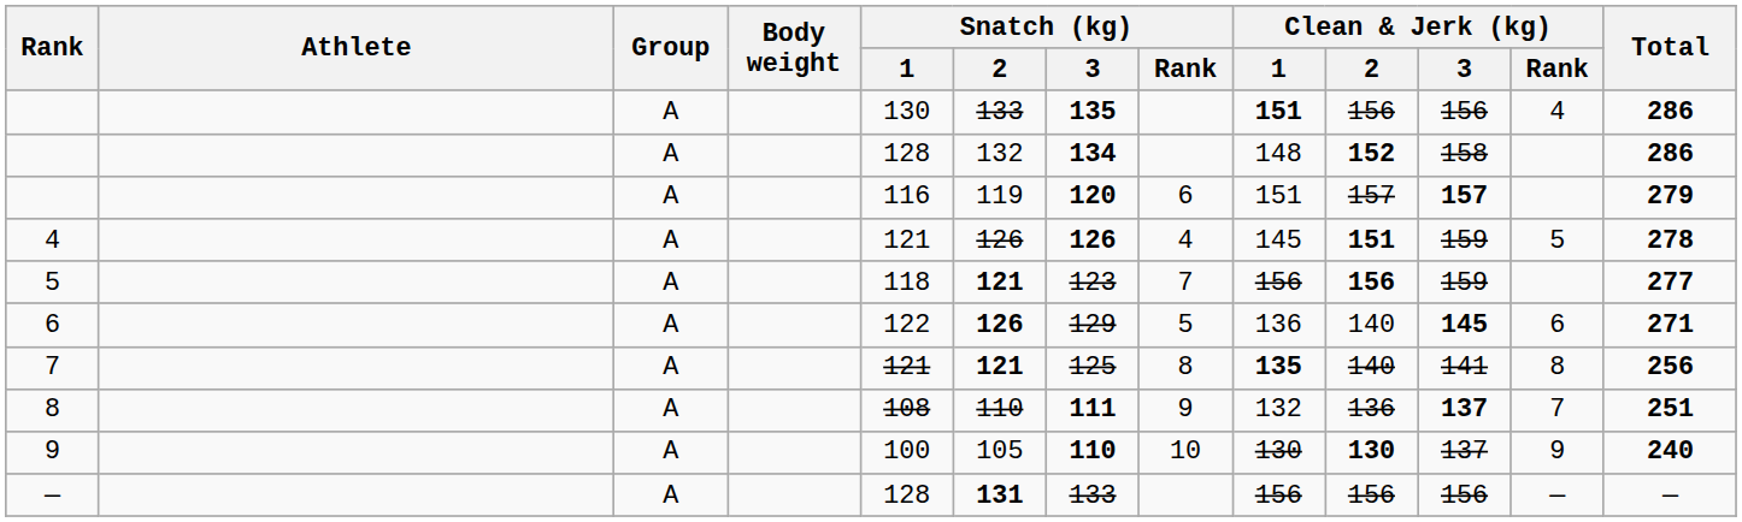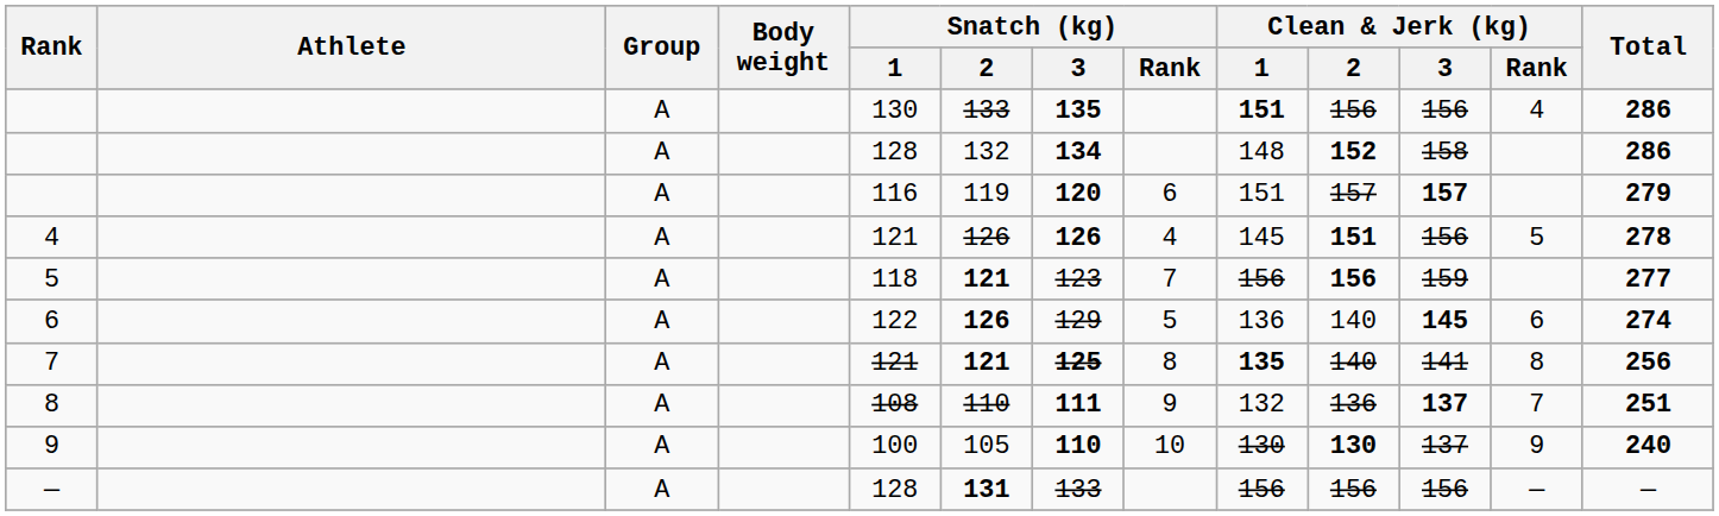 <table class = "wikitable" style="text-align:center;">
 <tr>
 <th rowspan=2 width=40>Rank</th>
 <th rowspan=2 width=250>Athlete</th>
 <th rowspan=2 width=50>Group</th>
 <th rowspan=2 width=60>Body weight</th>
 <th colspan=4>Snatch (kg)</th>
 <th colspan=4>Clean & Jerk (kg)</th>
 <th rowspan=2 width=60>Total</th>
 </tr>
 <tr>
 <th width=40>1</th>
 <th width=40>2</th>
 <th width=40>3</th>
 <th width=40>Rank</th>
 <th width=40>1</th>
 <th width=40>2</th>
 <th width=40>3</th>
 <th width=40>Rank</th>
 </tr>
 <tr>
 <td></td>
 <td align=left></td>
 <td>A</td>
 <td></td>
 <td>130</td>
 <td><s>133</s></td>
 <td><strong>135</strong></td>
 <td></td>
 <td><strong>151</strong></td>
 <td><s>156</s></td>
 <td><s>156</s></td>
 <td>4</td>
 <td><strong>286</strong></td>
 </tr>
 <tr>
 <td></td>
 <td align=left></td>
 <td>A</td>
 <td></td>
 <td>128</td>
 <td>132</td>
 <td><strong>134</strong></td>
 <td></td>
 <td>148</td>
 <td><strong>152</strong></td>
 <td><s>158</s></td>
 <td></td>
 <td><strong>286</strong></td>
 </tr>
 <tr>
 <td></td>
 <td align=left></td>
 <td>A</td>
 <td></td>
 <td>116</td>
 <td>119</td>
 <td><strong>120</strong></td>
 <td>6</td>
 <td>151</td>
 <td><s>157</s></td>
 <td><strong>157</strong></td>
 <td></td>
 <td><strong>279</strong></td>
 </tr>
 <tr>
 <td>4</td>
 <td align=left></td>
 <td>A</td>
 <td></td>
 <td>121</td>
 <td><s>126</s></td>
 <td><strong>126</strong></td>
 <td>4</td>
 <td>145</td>
 <td><strong>151</strong></td>
-<td><s>159</s></td>
+<td><s>156</s></td>
 <td>5</td>
 <td><strong>278</strong></td>
 </tr>
 <tr>
 <td>5</td>
 <td align=left></td>
 <td>A</td>
 <td></td>
 <td>118</td>
 <td><strong>121</strong></td>
 <td><s>123</s></td>
 <td>7</td>
 <td><s>156</s></td>
 <td><strong>156</strong></td>
 <td><s>159</s></td>
 <td></td>
 <td><strong>277</strong></td>
 </tr>
 <tr>
 <td>6</td>
 <td align=left></td>
 <td>A</td>
 <td></td>
 <td>122</td>
 <td><strong>126</strong></td>
 <td><s>129</s></td>
 <td>5</td>
 <td>136</td>
 <td>140</td>
 <td><strong>145</strong></td>
 <td>6</td>
-<td><strong>271</strong></td>
+<td><strong>274</strong></td>
 </tr>
 <tr>
 <td>7</td>
 <td align=left></td>
 <td>A</td>
 <td></td>
 <td><s>121</s></td>
 <td><strong>121</strong></td>
-<td><s>125</s></td>
+<td><strong><s>125</s></strong></td>
 <td>8</td>
 <td><strong>135</strong></td>
 <td><s>140</s></td>
 <td><s>141</s></td>
 <td>8</td>
 <td><strong>256</strong></td>
 </tr>
 <tr>
 <td>8</td>
 <td align=left></td>
 <td>A</td>
 <td></td>
 <td><s>108</s></td>
 <td><s>110</s></td>
 <td><strong>111</strong></td>
 <td>9</td>
 <td>132</td>
 <td><s>136</s></td>
 <td><strong>137</strong></td>
 <td>7</td>
 <td><strong>251</strong></td>
 </tr>
 <tr>
 <td>9</td>
 <td align=left></td>
 <td>A</td>
 <td></td>
 <td>100</td>
 <td>105</td>
 <td><strong>110</strong></td>
 <td>10</td>
 <td><s>130</s></td>
 <td><strong>130</strong></td>
 <td><s>137</s></td>
 <td>9</td>
 <td><strong>240</strong></td>
 </tr>
 <tr>
 <td>—</td>
 <td align=left></td>
 <td>A</td>
 <td></td>
 <td>128</td>
 <td><strong>131</strong></td>
 <td><s>133</s></td>
 <td></td>
 <td><s>156</s></td>
 <td><s>156</s></td>
 <td><s>156</s></td>
 <td>—</td>
 <td>—</td>
 </tr>
 </table>
